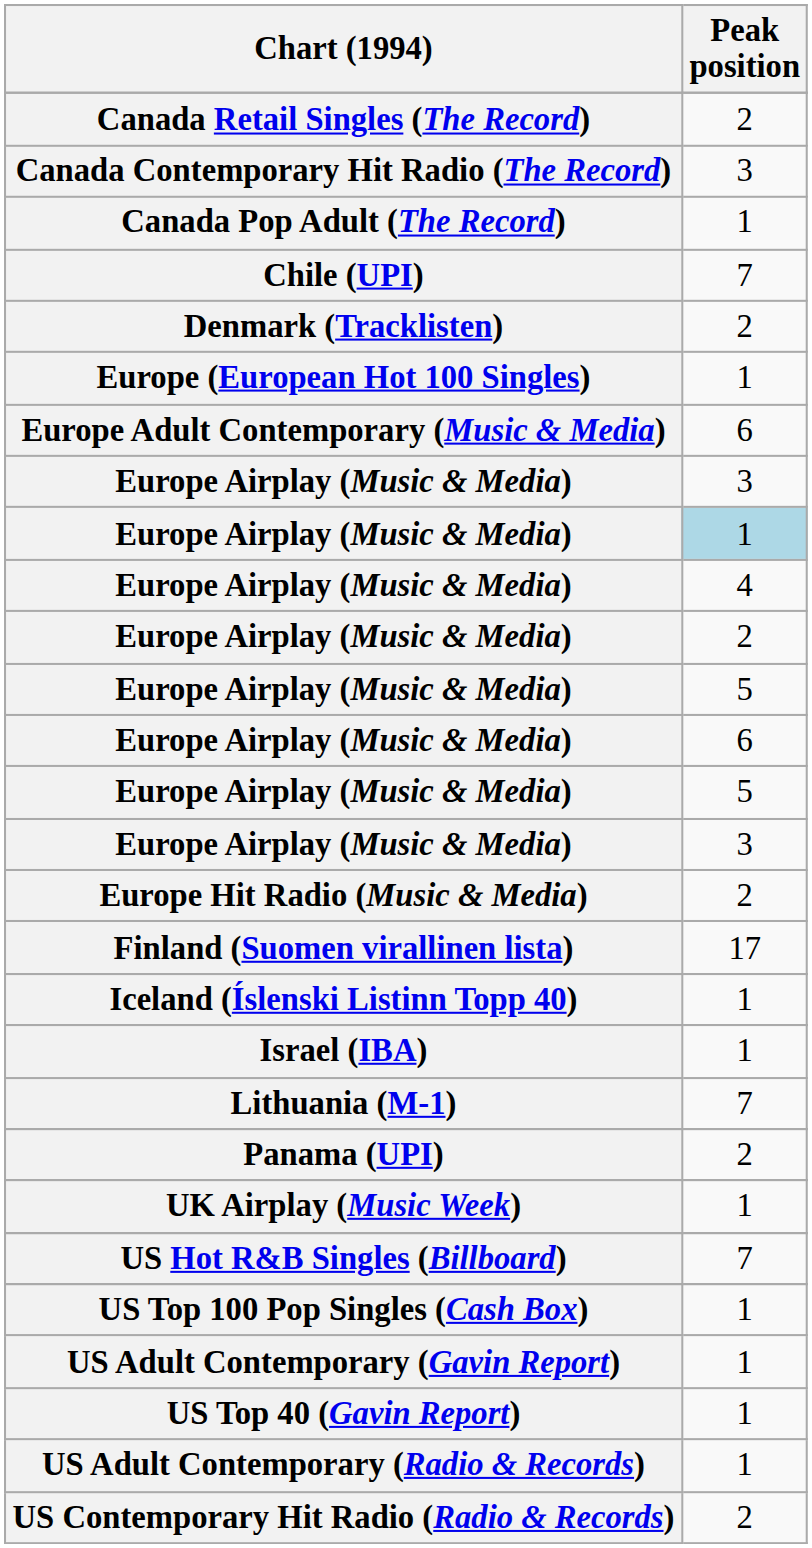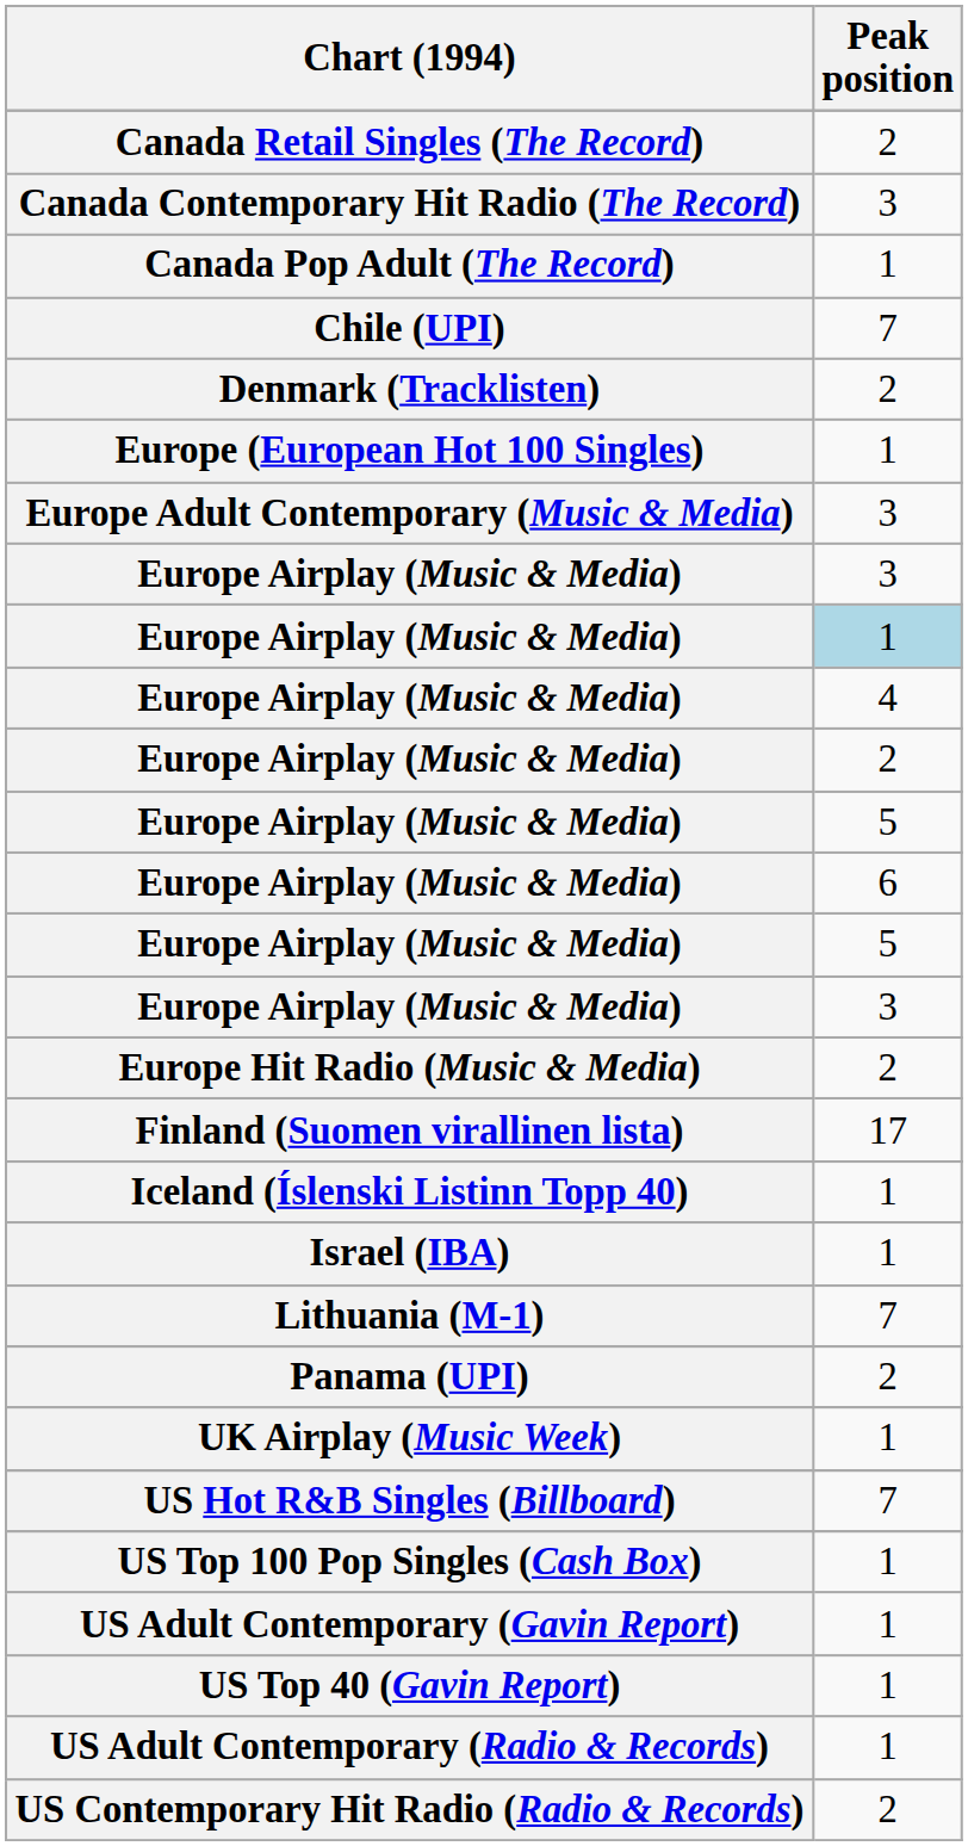 <table class="wikitable sortable plainrowheaders">
 <tr>
 <th scope="col">Chart (1994)</th>
 <th scope="col">Peak<br>position</th>
 </tr>
 <tr>
 </tr>
 <tr>
 </tr>
 <tr>
 </tr>
 <tr>
 </tr>
 <tr>
 </tr>
 <tr>
 <th scope="row">Canada <a href='#'>Retail Singles</a> (<em><a href='#'>The Record</a></em>)</th>
 <td align="center">2</td>
 </tr>
 <tr>
 <th scope="row">Canada Contemporary Hit Radio (<em><a href='#'>The Record</a></em>)</th>
 <td align="center">3</td>
 </tr>
 <tr>
 <th scope="row">Canada Pop Adult (<em><a href='#'>The Record</a></em>)</th>
 <td align="center">1</td>
 </tr>
 <tr>
 <th scope="row">Chile (<a href='#'>UPI</a>)</th>
 <td align="center">7</td>
 </tr>
 <tr>
 <th scope="row">Denmark (<a href='#'>Tracklisten</a>)</th>
 <td align="center">2</td>
 </tr>
 <tr>
 <th scope="row">Europe (<a href='#'>European Hot 100 Singles</a>)</th>
 <td align="center">1</td>
 </tr>
 <tr>
 <th scope="row">Europe Adult Contemporary (<em><a href='#'>Music & Media</a></em>)</th>
-<td align="center">6</td>
+<td align="center">3</td>
 </tr>
 <tr>
 <th scope="row">Europe  Airplay (<em>Music & Media</em>)</th>
 <td align="center">3</td>
 </tr>
 <tr>
 <th scope="row">Europe  Airplay (<em>Music & Media</em>)</th>
 <td align="center" style="background: lightblue;">1</td>
 </tr>
 <tr>
 <th scope="row">Europe  Airplay (<em>Music & Media</em>)</th>
 <td align="center">4</td>
 </tr>
 <tr>
 <th scope="row">Europe  Airplay (<em>Music & Media</em>)</th>
 <td align="center">2</td>
 </tr>
 <tr>
 <th scope="row">Europe  Airplay (<em>Music & Media</em>)</th>
 <td align="center">5</td>
 </tr>
 <tr>
 <th scope="row">Europe  Airplay (<em>Music & Media</em>)</th>
 <td align="center">6</td>
 </tr>
 <tr>
 <th scope="row">Europe  Airplay (<em>Music & Media</em>)</th>
 <td align="center">5</td>
 </tr>
 <tr>
 <th scope="row">Europe  Airplay (<em>Music & Media</em>)</th>
 <td align="center">3</td>
 </tr>
 <tr>
 <th scope="row">Europe Hit Radio (<em>Music & Media</em>)</th>
 <td align="center">2</td>
 </tr>
 <tr>
 <th scope="row">Finland (<a href='#'>Suomen virallinen lista</a>)</th>
 <td align="center">17</td>
 </tr>
 <tr>
 </tr>
 <tr>
 </tr>
 <tr>
 <th scope="row">Iceland (<a href='#'>Íslenski Listinn Topp 40</a>)</th>
 <td align="center">1</td>
 </tr>
 <tr>
 </tr>
 <tr>
 <th scope="row">Israel (<a href='#'>IBA</a>)</th>
 <td align="center">1</td>
 </tr>
 <tr>
 <th scope="row">Lithuania (<a href='#'>M-1</a>)</th>
 <td align="center">7</td>
 </tr>
 <tr>
 </tr>
 <tr>
 </tr>
 <tr>
 </tr>
 <tr>
 </tr>
 <tr>
 <th scope="row">Panama (<a href='#'>UPI</a>)</th>
 <td align="center">2</td>
 </tr>
 <tr>
 </tr>
 <tr>
 </tr>
 <tr>
 </tr>
 <tr>
 </tr>
 <tr>
 <th scope="row">UK Airplay (<em><a href='#'>Music Week</a></em>)</th>
 <td align="center">1</td>
 </tr>
 <tr>
 </tr>
 <tr>
 </tr>
 <tr>
 <th scope="row">US <a href='#'>Hot R&B Singles</a> (<em><a href='#'>Billboard</a></em>)<br></th>
 <td style="text-align:center;">7</td>
 </tr>
 <tr>
 </tr>
 <tr>
 </tr>
 <tr>
 <th scope="row">US Top 100 Pop Singles (<em><a href='#'>Cash Box</a></em>)</th>
 <td align="center">1</td>
 </tr>
 <tr>
 <th scope="row">US Adult Contemporary (<em><a href='#'>Gavin Report</a></em>)</th>
 <td align="center">1</td>
 </tr>
 <tr>
 <th scope="row">US Top 40 (<em><a href='#'>Gavin Report</a></em>)</th>
 <td align="center">1</td>
 </tr>
 <tr>
 <th scope="row">US Adult Contemporary (<em><a href='#'>Radio & Records</a></em>)</th>
 <td align="center">1</td>
 </tr>
 <tr>
 <th scope="row">US Contemporary Hit Radio (<em><a href='#'>Radio & Records</a></em>)</th>
 <td align="center">2</td>
 </tr>
 </table>
